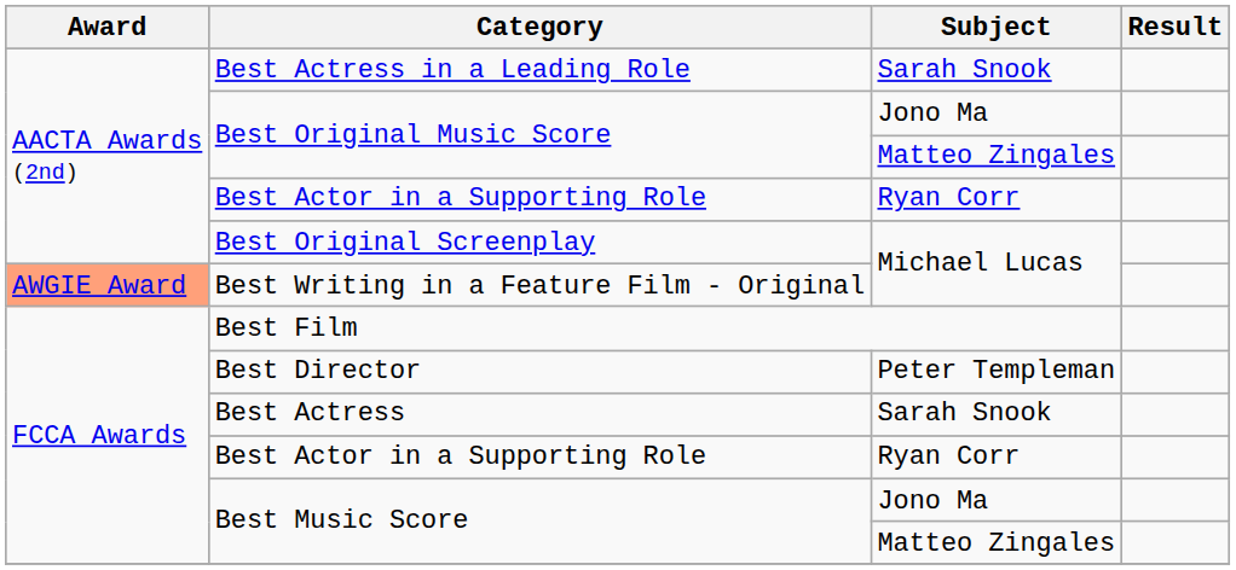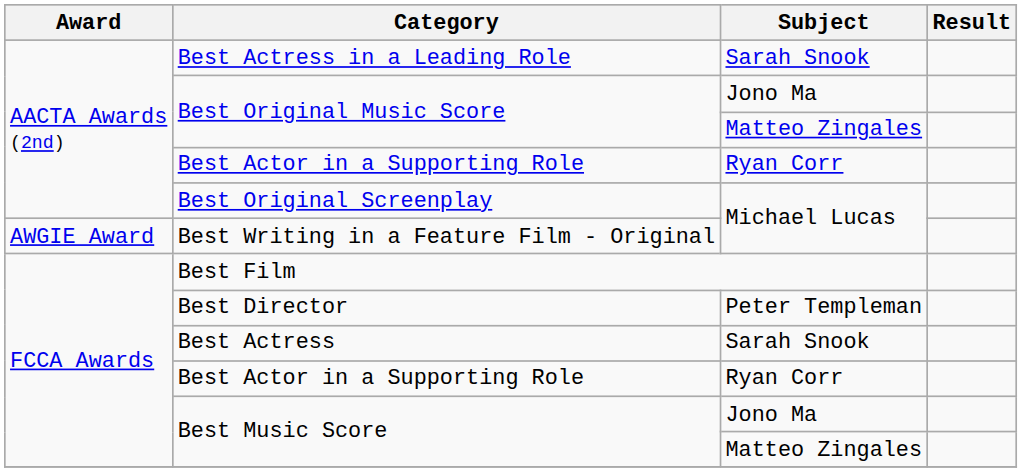 <table class="wikitable">
 <tr>
 <th>Award</th>
 <th>Category</th>
 <th>Subject</th>
 <th>Result</th>
 </tr>
 <tr>
 <td rowspan=5><a href='#'>AACTA Awards</a><br><small>(<a href='#'>2nd</a>)</small></td>
 <td><a href='#'>Best Actress in a Leading Role</a></td>
 <td><a href='#'>Sarah Snook</a></td>
 <td></td>
 </tr>
 <tr>
 <td rowspan=2><a href='#'>Best Original Music Score</a></td>
 <td>Jono Ma</td>
 <td></td>
 </tr>
 <tr>
 <td><a href='#'>Matteo Zingales</a></td>
 <td></td>
 </tr>
 <tr>
 <td><a href='#'>Best Actor in a Supporting Role</a></td>
 <td><a href='#'>Ryan Corr</a></td>
 <td></td>
 </tr>
 <tr>
 <td><a href='#'>Best Original Screenplay</a></td>
 <td rowspan=2>Michael Lucas</td>
 <td></td>
 </tr>
 <tr>
-<td style="background: lightsalmon;"><a href='#'>AWGIE Award</a></td>
+<td><a href='#'>AWGIE Award</a></td>
 <td>Best Writing in a Feature Film - Original</td>
 <td></td>
 </tr>
 <tr>
 <td rowspan=6><a href='#'>FCCA Awards</a></td>
 <td colspan=2>Best Film</td>
 <td></td>
 </tr>
 <tr>
 <td>Best Director</td>
 <td>Peter Templeman</td>
 <td></td>
 </tr>
 <tr>
 <td>Best Actress</td>
 <td>Sarah Snook</td>
 <td></td>
 </tr>
 <tr>
 <td>Best Actor in a Supporting Role</td>
 <td>Ryan Corr</td>
 <td></td>
 </tr>
 <tr>
 <td rowspan=2>Best Music Score</td>
 <td>Jono Ma</td>
 <td></td>
 </tr>
 <tr>
 <td>Matteo Zingales</td>
 <td></td>
 </tr>
 <tr>
 </tr>
 </table>
